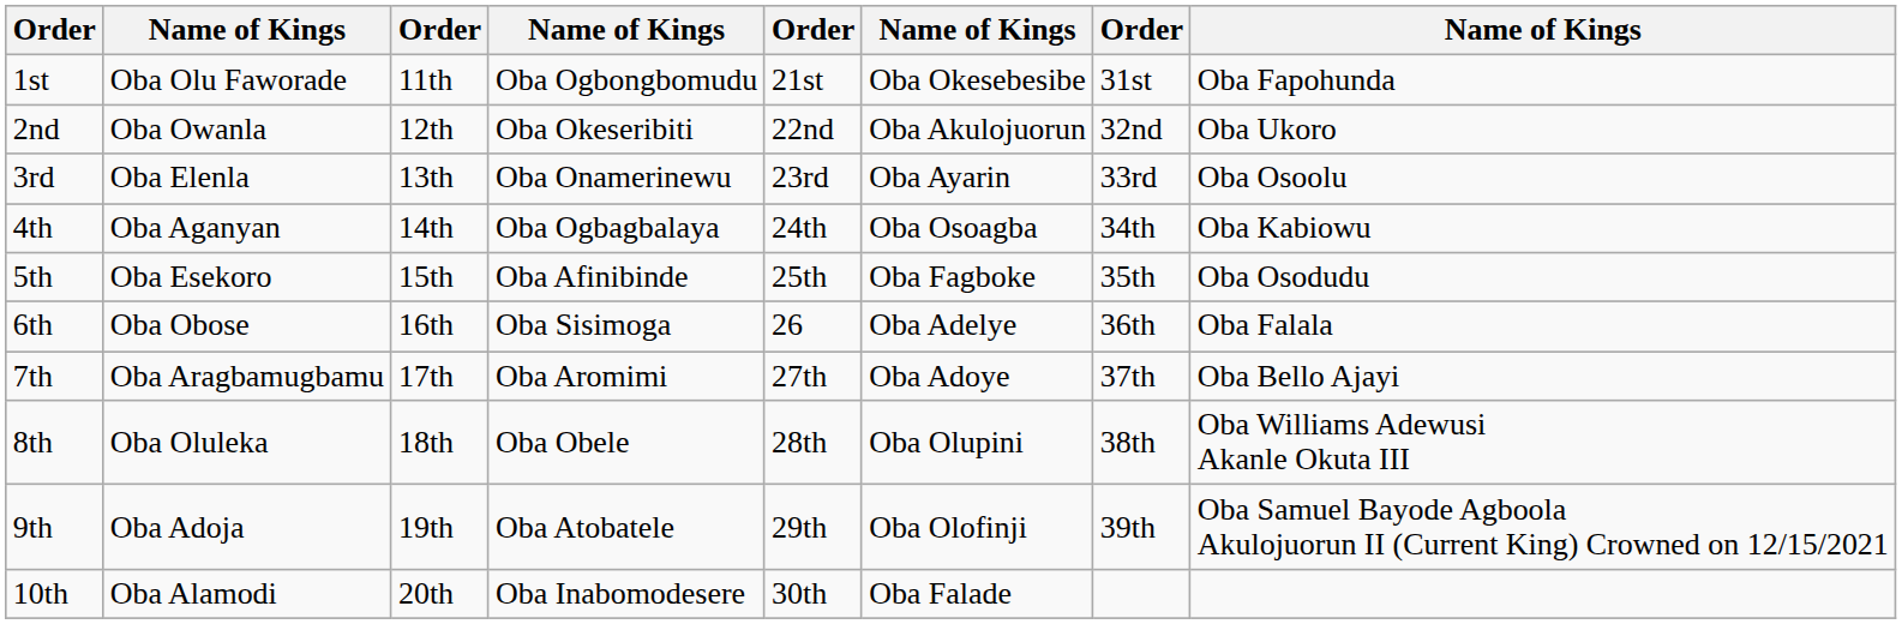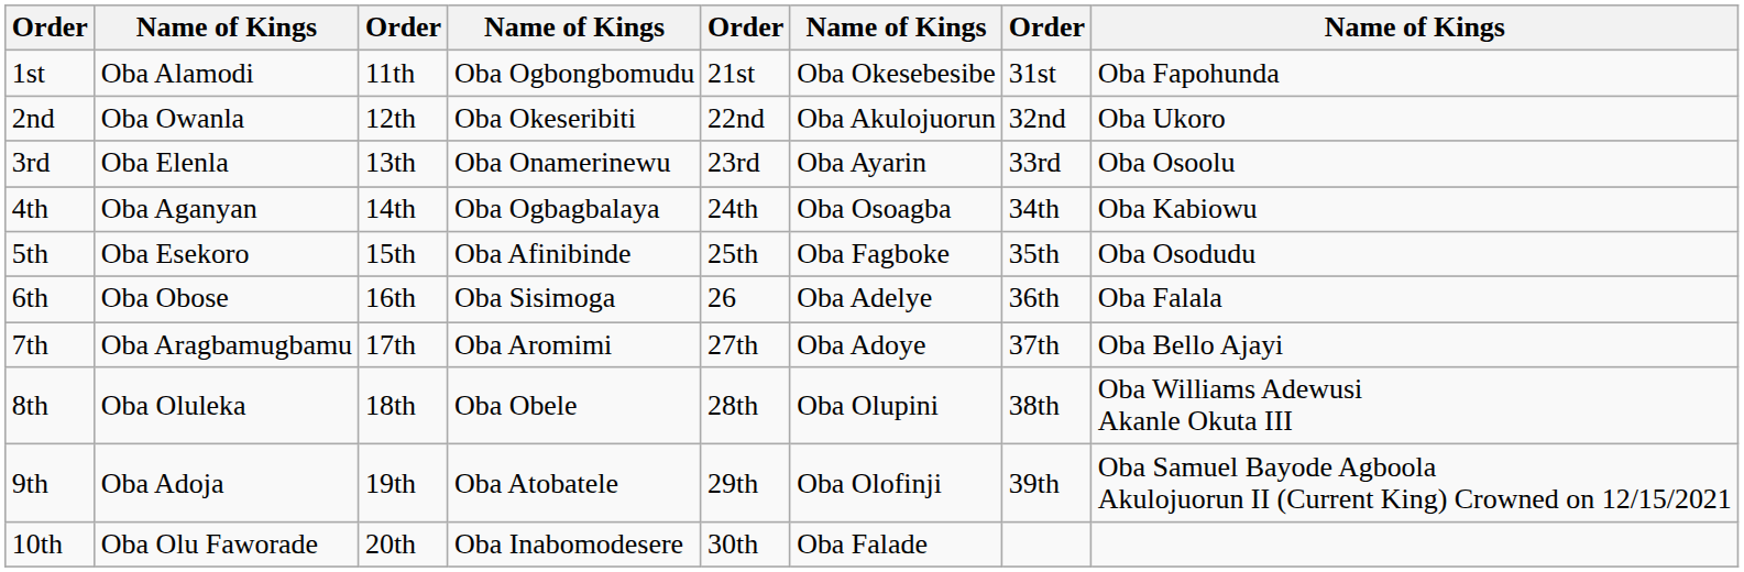 <table class="wikitable">
 <tr>
 <th>Order</th>
 <th>Name of Kings</th>
 <th>Order</th>
 <th>Name of Kings</th>
 <th>Order</th>
 <th>Name of Kings</th>
 <th>Order</th>
 <th>Name of Kings</th>
 </tr>
 <tr>
 <td>1st</td>
-<td>Oba Olu Faworade</td>
+<td>Oba Alamodi</td>
 <td>11th</td>
 <td>Oba Ogbongbomudu</td>
 <td>21st</td>
 <td>Oba Okesebesibe</td>
 <td>31st</td>
 <td>Oba Fapohunda</td>
 </tr>
 <tr>
 <td>2nd</td>
 <td>Oba Owanla</td>
 <td>12th</td>
 <td>Oba Okeseribiti</td>
 <td>22nd</td>
 <td>Oba Akulojuorun</td>
 <td>32nd</td>
 <td>Oba Ukoro</td>
 </tr>
 <tr>
 <td>3rd</td>
 <td>Oba Elenla</td>
 <td>13th</td>
 <td>Oba Onamerinewu</td>
 <td>23rd</td>
 <td>Oba Ayarin</td>
 <td>33rd</td>
 <td>Oba Osoolu</td>
 </tr>
 <tr>
 <td>4th</td>
 <td>Oba Aganyan</td>
 <td>14th</td>
 <td>Oba Ogbagbalaya</td>
 <td>24th</td>
 <td>Oba Osoagba</td>
 <td>34th</td>
 <td>Oba Kabiowu</td>
 </tr>
 <tr>
 <td>5th</td>
 <td>Oba Esekoro</td>
 <td>15th</td>
 <td>Oba Afinibinde</td>
 <td>25th</td>
 <td>Oba Fagboke</td>
 <td>35th</td>
 <td>Oba Osodudu</td>
 </tr>
 <tr>
 <td>6th</td>
 <td>Oba Obose</td>
 <td>16th</td>
 <td>Oba Sisimoga</td>
 <td>26</td>
 <td>Oba Adelye</td>
 <td>36th</td>
 <td>Oba Falala</td>
 </tr>
 <tr>
 <td>7th</td>
 <td>Oba Aragbamugbamu</td>
 <td>17th</td>
 <td>Oba Aromimi</td>
 <td>27th</td>
 <td>Oba Adoye</td>
 <td>37th</td>
 <td>Oba Bello Ajayi</td>
 </tr>
 <tr>
 <td>8th</td>
 <td>Oba Oluleka</td>
 <td>18th</td>
 <td>Oba Obele</td>
 <td>28th</td>
 <td>Oba Olupini</td>
 <td>38th</td>
 <td>Oba Williams Adewusi<br>Akanle Okuta III</td>
 </tr>
 <tr>
 <td>9th</td>
 <td>Oba Adoja</td>
 <td>19th</td>
 <td>Oba Atobatele</td>
 <td>29th</td>
 <td>Oba Olofinji</td>
 <td>39th</td>
 <td>Oba Samuel Bayode Agboola<br>Akulojuorun II (Current King) Crowned on 12/15/2021</td>
 </tr>
 <tr>
 <td>10th</td>
-<td>Oba Alamodi</td>
+<td>Oba Olu Faworade</td>
 <td>20th</td>
 <td>Oba Inabomodesere</td>
 <td>30th</td>
 <td>Oba Falade</td>
 <td></td>
 <td></td>
 </tr>
 </table>
